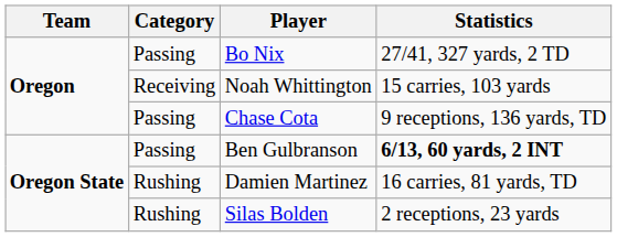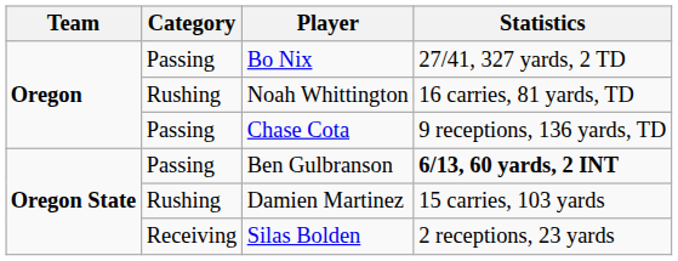 <table class="wikitable" style="float: right;">
 <tr>
 <th>Team</th>
 <th>Category</th>
 <th>Player</th>
 <th>Statistics</th>
 </tr>
 <tr>
 <td rowspan=3><strong>Oregon</strong></td>
 <td>Passing</td>
 <td><a href='#'>Bo Nix</a></td>
 <td>27/41, 327 yards, 2 TD</td>
 </tr>
 <tr>
-<td>Receiving</td>
+<td>Rushing</td>
 <td>Noah Whittington</td>
-<td>15 carries, 103 yards</td>
+<td>16 carries, 81 yards, TD</td>
 </tr>
 <tr>
 <td>Passing</td>
 <td><a href='#'>Chase Cota</a></td>
 <td>9 receptions, 136 yards, TD</td>
 </tr>
 <tr>
 <td rowspan=3><strong>Oregon State</strong></td>
 <td>Passing</td>
 <td>Ben Gulbranson</td>
 <td><strong>6/13, 60 yards, 2 INT</strong></td>
 </tr>
 <tr>
 <td>Rushing</td>
 <td>Damien Martinez</td>
-<td>16 carries, 81 yards, TD</td>
+<td>15 carries, 103 yards</td>
 </tr>
 <tr>
-<td>Rushing</td>
+<td>Receiving</td>
 <td><a href='#'>Silas Bolden</a></td>
 <td>2 receptions, 23 yards</td>
 </tr>
 </table>
